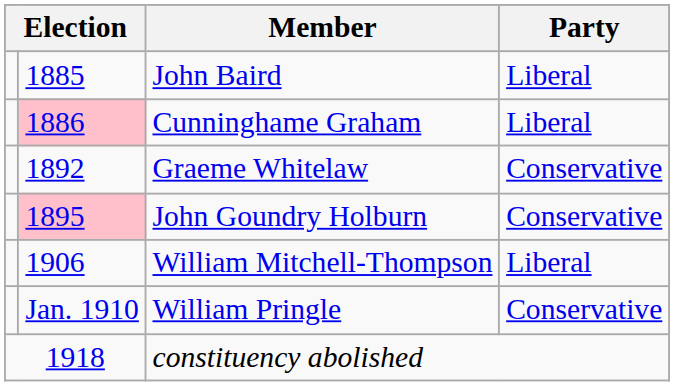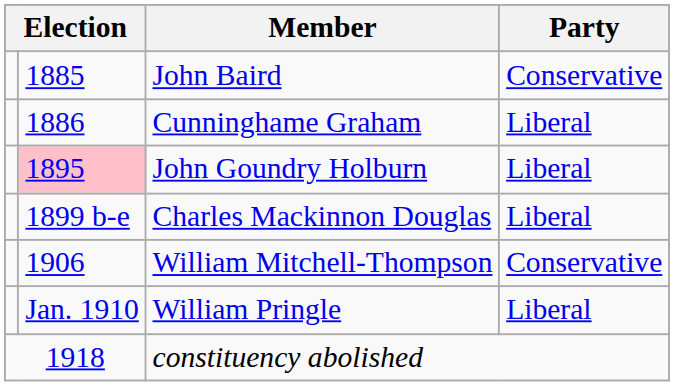 <table class="wikitable">
 <tr>
 <th colspan="2">Election</th>
 <th>Member</th>
 <th>Party</th>
 </tr>
 <tr>
 <td style="color:inherit;background-color: "></td>
 <td><a href='#'>1885</a></td>
 <td><a href='#'>John Baird</a></td>
-<td><a href='#'>Liberal</a></td>
+<td><a href='#'>Conservative</a></td>
 </tr>
 <tr>
 <td style="color:inherit;background-color: "></td>
-<td style="background: pink;"><a href='#'>1886</a></td>
+<td><a href='#'>1886</a></td>
 <td><a href='#'>Cunninghame Graham</a></td>
 <td><a href='#'>Liberal</a></td>
 </tr>
 <tr>
 <td style="color:inherit;background-color: "></td>
-<td><a href='#'>1892</a></td>
-<td><a href='#'>Graeme Whitelaw</a></td>
-<td><a href='#'>Conservative</a></td>
+<td style="background: pink;"><a href='#'>1895</a></td>
+<td><a href='#'>John Goundry Holburn</a></td>
+<td><a href='#'>Liberal</a></td>
 </tr>
 <tr>
 <td style="color:inherit;background-color: "></td>
-<td style="background: pink;"><a href='#'>1895</a></td>
-<td><a href='#'>John Goundry Holburn</a></td>
-<td><a href='#'>Conservative</a></td>
+<td><a href='#'>1899 b-e</a></td>
+<td><a href='#'>Charles Mackinnon Douglas</a></td>
+<td><a href='#'>Liberal</a></td>
 </tr>
 <tr>
 <td style="color:inherit;background-color: "></td>
 <td><a href='#'>1906</a></td>
 <td><a href='#'>William Mitchell-Thompson</a></td>
-<td><a href='#'>Liberal</a></td>
+<td><a href='#'>Conservative</a></td>
 </tr>
 <tr>
 <td style="color:inherit;background-color: "></td>
 <td><a href='#'>Jan. 1910</a></td>
 <td><a href='#'>William Pringle</a></td>
-<td><a href='#'>Conservative</a></td>
+<td><a href='#'>Liberal</a></td>
 </tr>
 <tr>
 <td colspan="2" align="center"><a href='#'>1918</a></td>
 <td colspan="2"><em>constituency abolished</em></td>
 </tr>
 </table>
